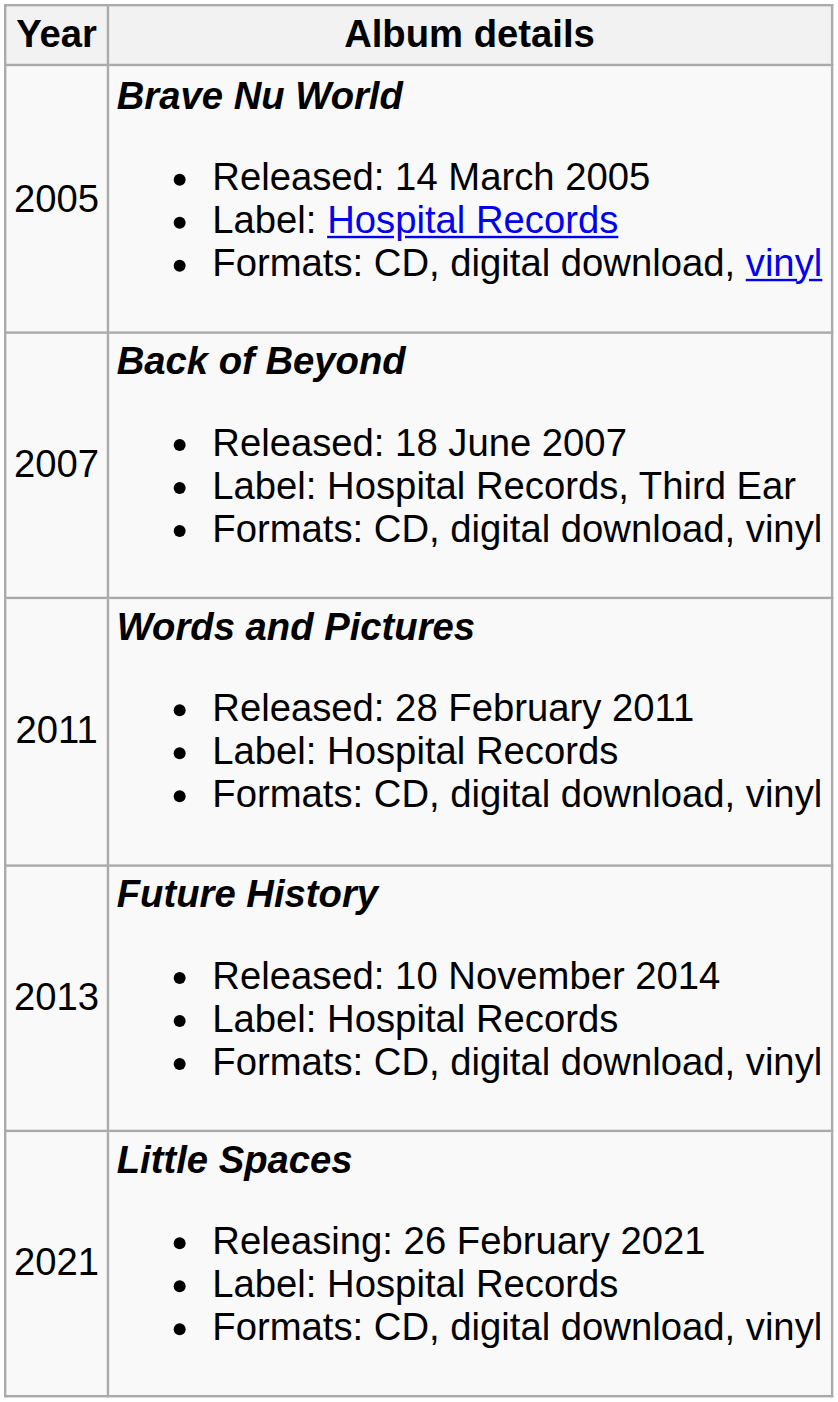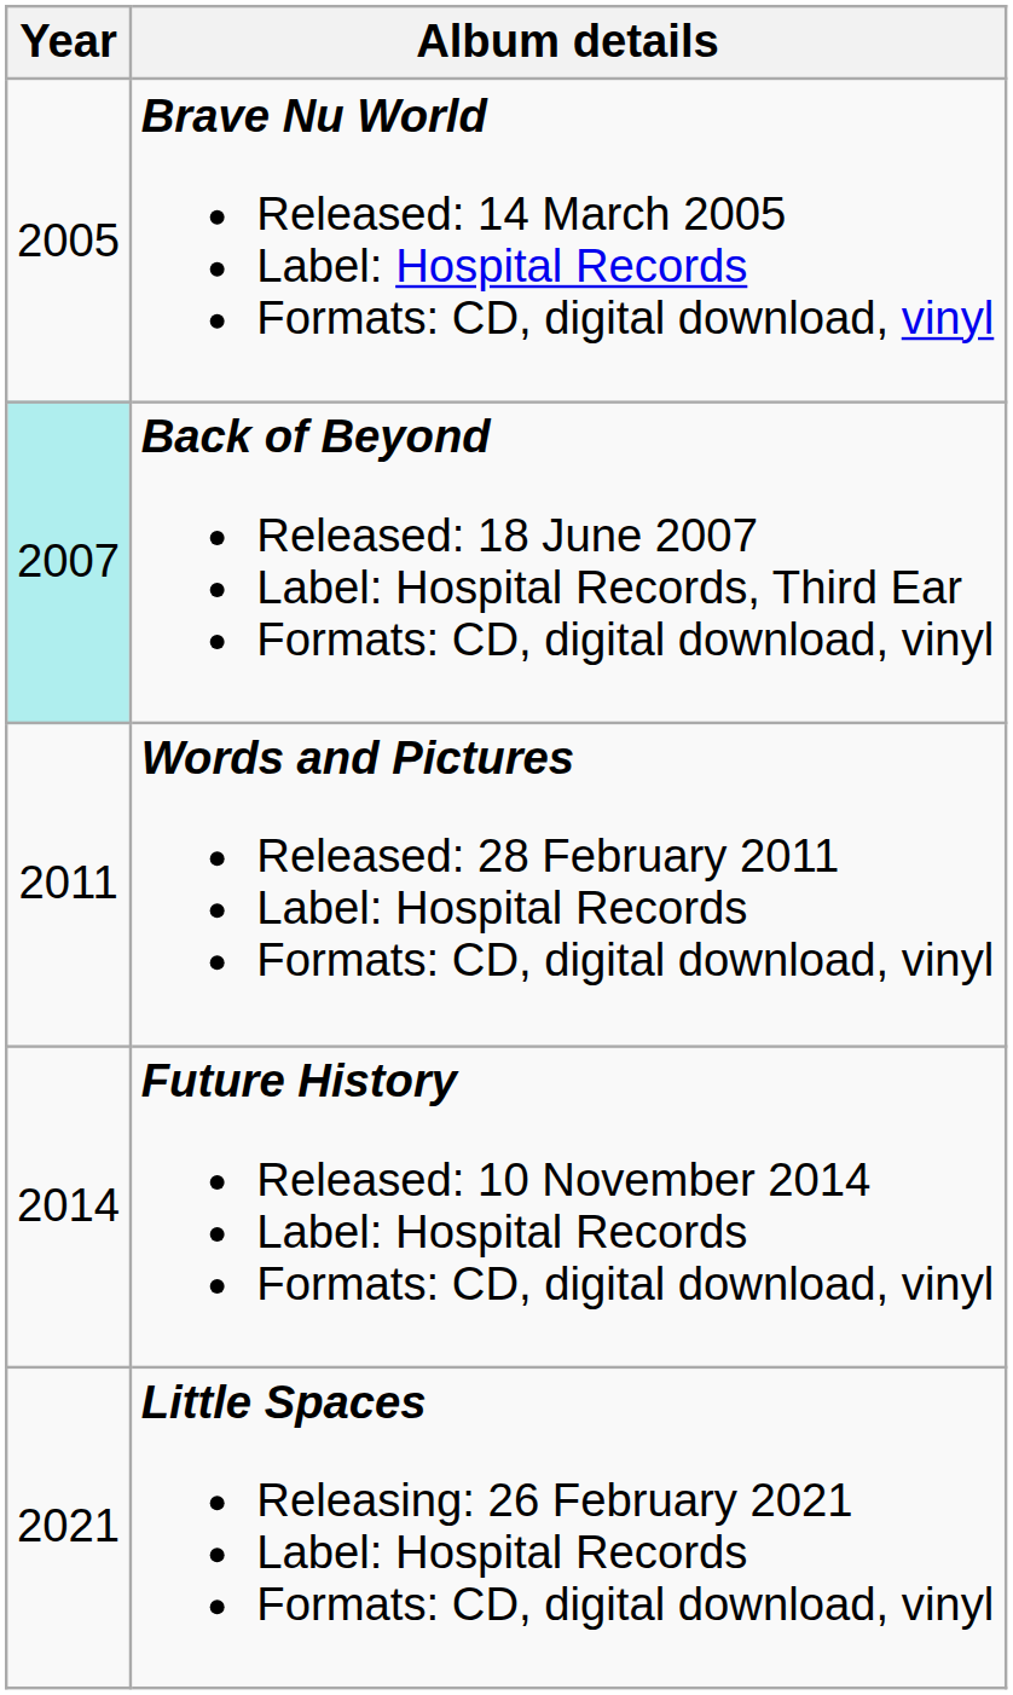 <table class="wikitable" style="text-align:center;">
 <tr>
 <th>Year</th>
 <th>Album details</th>
 </tr>
 <tr>
 <td>2005</td>
 <td align="left"><strong><em>Brave Nu World</em></strong><br><ul><li>Released: 14 March 2005</li><li>Label: <a href='#'>Hospital Records</a></li><li>Formats: CD, digital download, <a href='#'>vinyl</a></li></ul></td>
 </tr>
 <tr>
-<td>2007</td>
+<td style="background: paleturquoise;">2007</td>
 <td align="left"><strong><em>Back of Beyond</em></strong><br><ul><li>Released: 18 June 2007</li><li>Label: Hospital Records, Third Ear</li><li>Formats: CD, digital download, vinyl</li></ul></td>
 </tr>
 <tr>
 <td>2011</td>
 <td align="left"><strong><em>Words and Pictures</em></strong><br><ul><li>Released: 28 February 2011</li><li>Label: Hospital Records</li><li>Formats: CD, digital download, vinyl</li></ul></td>
 </tr>
 <tr>
-<td>2013</td>
+<td>2014</td>
 <td align="left"><strong><em>Future History</em></strong><br><ul><li>Released: 10 November 2014</li><li>Label: Hospital Records</li><li>Formats: CD, digital download, vinyl</li></ul></td>
 </tr>
 <tr>
 <td>2021</td>
 <td align="left"><strong><em>Little Spaces</em></strong><br><ul><li>Releasing: 26 February 2021</li><li>Label: Hospital Records</li><li>Formats: CD, digital download, vinyl</li></ul></td>
 </tr>
 </table>
